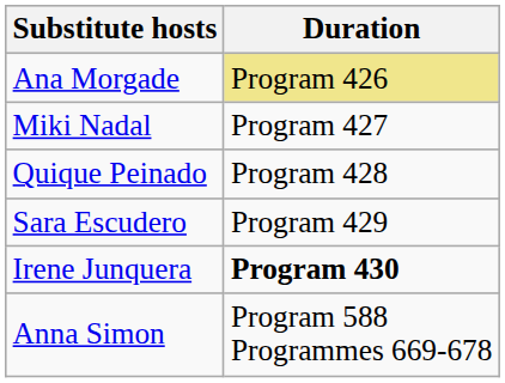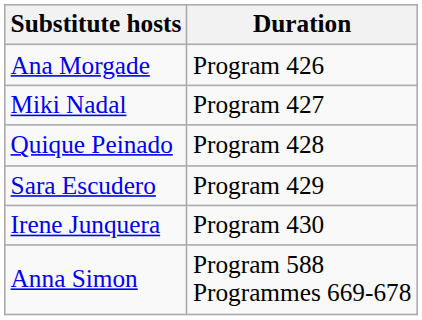 <table class="wikitable">
 <tr>
 <th>Substitute hosts</th>
 <th>Duration</th>
 </tr>
 <tr>
 <td><a href='#'>Ana Morgade</a></td>
-<td style="background: khaki;">Program 426</td>
+<td>Program 426</td>
 </tr>
 <tr>
 <td><a href='#'>Miki Nadal</a></td>
 <td>Program 427</td>
 </tr>
 <tr>
 <td><a href='#'>Quique Peinado</a></td>
 <td>Program 428</td>
 </tr>
 <tr>
 <td><a href='#'>Sara Escudero</a></td>
 <td>Program 429</td>
 </tr>
 <tr>
 <td><a href='#'>Irene Junquera</a></td>
-<td><strong>Program 430</strong></td>
+<td>Program 430</td>
 </tr>
 <tr>
 <td><a href='#'>Anna Simon</a></td>
 <td>Program 588<br>Programmes 669-678</td>
 </tr>
 </table>
